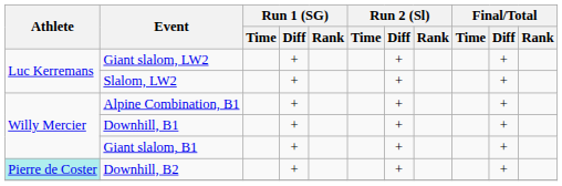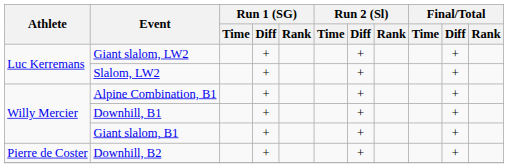 <table class="wikitable" style="font-size:100%">
 <tr>
 <th rowspan="2">Athlete</th>
 <th rowspan="2">Event</th>
 <th colspan="3">Run 1 (SG)</th>
 <th colspan="3">Run 2 (Sl)</th>
 <th colspan="3">Final/Total</th>
 </tr>
 <tr>
 <th>Time</th>
 <th>Diff</th>
 <th>Rank</th>
 <th>Time</th>
 <th>Diff</th>
 <th>Rank</th>
 <th>Time</th>
 <th>Diff</th>
 <th>Rank</th>
 </tr>
 <tr>
 <td rowspan=2><a href='#'>Luc Kerremans</a></td>
 <td><a href='#'>Giant slalom, LW2</a></td>
 <td align="center"></td>
 <td align="center">+</td>
 <td align="center"></td>
 <td align="center"></td>
 <td align="center">+</td>
 <td align="center"></td>
 <td align="center"></td>
 <td align="center">+</td>
 <td colspan="3" align="center"></td>
 </tr>
 <tr>
 <td><a href='#'>Slalom, LW2</a></td>
 <td align="center"></td>
 <td align="center">+</td>
 <td align="center"></td>
 <td align="center"></td>
 <td align="center">+</td>
 <td align="center"></td>
 <td align="center"></td>
 <td align="center">+</td>
 <td colspan="3" align="center"></td>
 </tr>
 <tr>
 <td rowspan=3><a href='#'>Willy Mercier</a></td>
 <td><a href='#'>Alpine Combination, B1</a></td>
 <td align="center"></td>
 <td align="center">+</td>
 <td align="center"></td>
 <td align="center"></td>
 <td align="center">+</td>
 <td align="center"></td>
 <td align="center"></td>
 <td align="center">+</td>
 <td align="center"></td>
 </tr>
 <tr>
 <td><a href='#'>Downhill, B1</a></td>
 <td align="center"></td>
 <td align="center">+</td>
 <td align="center"></td>
 <td align="center"></td>
 <td align="center">+</td>
 <td align="center"></td>
 <td align="center"></td>
 <td align="center">+</td>
 <td align="center"></td>
 </tr>
 <tr>
 <td><a href='#'>Giant slalom, B1</a></td>
 <td align="center"></td>
 <td align="center">+</td>
 <td align="center"></td>
 <td align="center"></td>
 <td align="center">+</td>
 <td align="center"></td>
 <td align="center"></td>
 <td align="center">+</td>
 <td align="center"></td>
 </tr>
 <tr>
-<td rowspan=1 style="background: paleturquoise;"><a href='#'>Pierre de Coster</a></td>
+<td rowspan=1><a href='#'>Pierre de Coster</a></td>
 <td><a href='#'>Downhill, B2</a></td>
 <td align="center"></td>
 <td align="center">+</td>
 <td align="center"></td>
 <td align="center"></td>
 <td align="center">+</td>
 <td align="center"></td>
 <td align="center"></td>
 <td align="center">+</td>
 <td align="center"></td>
 </tr>
 <tr>
 </tr>
 </table>
